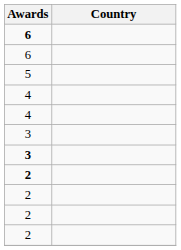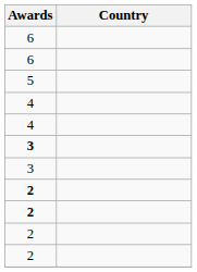 <table class="wikitable" style="text-align:center;">
 <tr>
 <th scope="col" width="50">Awards</th>
 <th scope="col" width="150">Country</th>
 </tr>
 <tr>
-<td><strong>6</strong></td>
+<td>6</td>
 <td></td>
 </tr>
 <tr>
 <td>6</td>
 <td></td>
 </tr>
 <tr>
 <td>5</td>
 <td></td>
 </tr>
 <tr>
 <td>4</td>
 <td></td>
 </tr>
 <tr>
 <td>4</td>
 <td></td>
 </tr>
 <tr>
+<td><strong>3</strong></td>
+<td></td>
+</tr>
+<tr>
 <td>3</td>
 <td></td>
 </tr>
 <tr>
-<td><strong>3</strong></td>
+<td><strong>2</strong></td>
 <td></td>
 </tr>
 <tr>
 <td><strong>2</strong></td>
 <td></td>
 </tr>
 <tr>
 <td>2</td>
 <td></td>
 </tr>
 <tr>
 <td>2</td>
 <td></td>
 </tr>
 <tr>
-<td>2</td>
-<td></td>
-</tr>
-<tr>
 </tr>
 </table>
